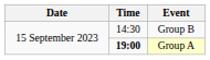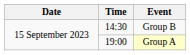 <table class = "wikitable" style="text-align:center;">
 <tr>
 <th width=150>Date</th>
 <th width=50>Time</th>
 <th width=80>Event</th>
 </tr>
 <tr>
 <td rowspan=2>15 September 2023</td>
 <td>14:30</td>
 <td>Group B</td>
 </tr>
 <tr>
-<td><strong>19:00</strong></td>
+<td>19:00</td>
 <td bgcolor=ffffcc>Group A</td>
 </tr>
 </table>
